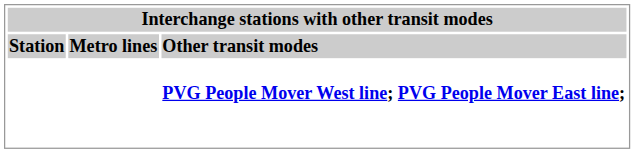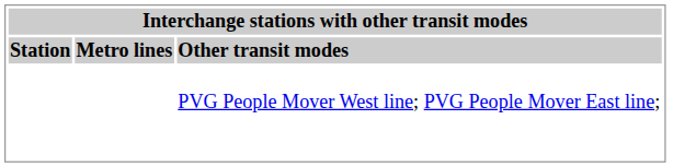 <table border=0 style="border:1px solid #999;background-color:white;text-align:left;font-size:90%" class="mw-collapsible">
 <tr>
 <th colspan="6" style="text-align: center" bgcolor=#cccccc>Interchange stations with other transit modes</th>
 </tr>
 <tr bgcolor=#cccccc>
 <th>Station</th>
 <th>Metro lines</th>
 <th>Other transit modes</th>
 </tr>
 <tr>
 <td></td>
 <td></td>
 <td></td>
 </tr>
 <tr>
 <td></td>
 <td> </td>
 <td></td>
 </tr>
 <tr>
 <td></td>
 <td>  </td>
 <td></td>
 </tr>
 <tr>
 <td></td>
 <td>   </td>
 <td></td>
 </tr>
 <tr>
 <td></td>
 <td></td>
-<td><strong> <a href='#'>PVG People Mover West line</a>; <a href='#'>PVG People Mover East line</a>; </strong></td>
+<td> <a href='#'>PVG People Mover West line</a>; <a href='#'>PVG People Mover East line</a>; </td>
 </tr>
 <tr>
 <td></td>
 <td>  </td>
 <td></td>
 </tr>
 <tr>
 <td></td>
 <td>  </td>
 <td> </td>
 </tr>
 <tr>
 <td></td>
 <td> </td>
 <td></td>
 </tr>
 <tr>
 <td></td>
 <td></td>
 <td></td>
 </tr>
 <tr>
 <td></td>
 <td></td>
 <td></td>
 </tr>
 <tr>
 <td></td>
 <td></td>
 <td> </td>
 </tr>
 <tr>
 <td></td>
 <td></td>
 <td></td>
 </tr>
 <tr>
 <td></td>
 <td> </td>
 <td></td>
 </tr>
 </table>
